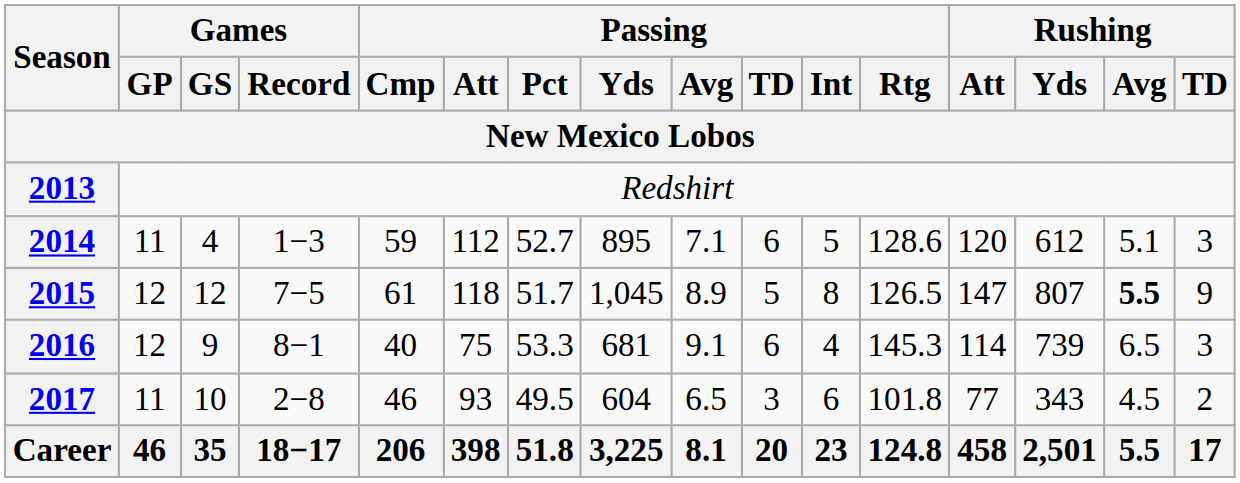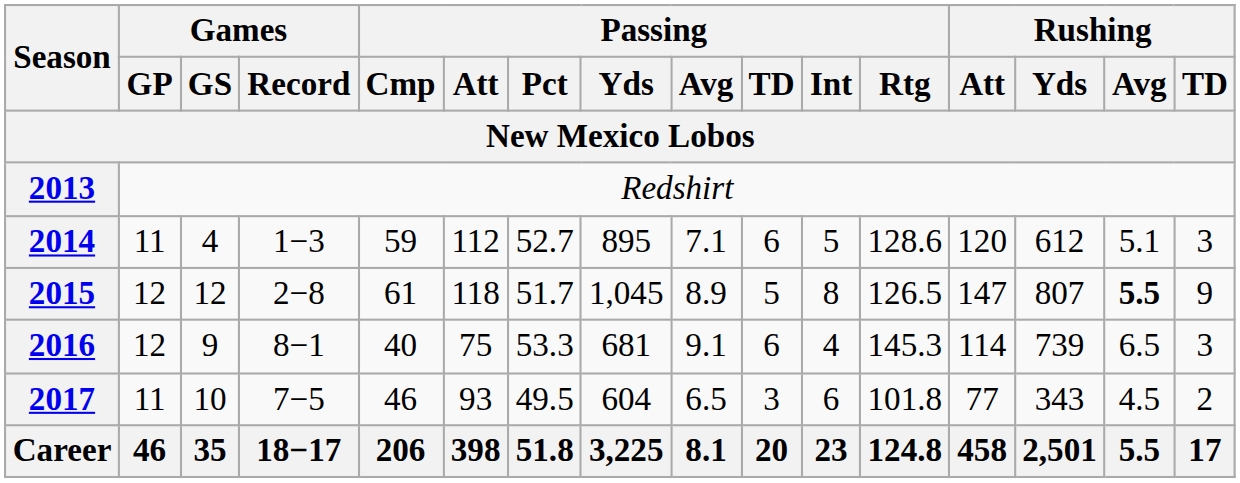 <table class="wikitable" style="text-align:center;">
 <tr>
 <th rowspan="2">Season</th>
 <th colspan="3">Games</th>
 <th colspan="8">Passing</th>
 <th colspan="5">Rushing</th>
 </tr>
 <tr>
 <th>GP</th>
 <th>GS</th>
 <th>Record</th>
 <th>Cmp</th>
 <th>Att</th>
 <th>Pct</th>
 <th>Yds</th>
 <th>Avg</th>
 <th>TD</th>
 <th>Int</th>
 <th>Rtg</th>
 <th>Att</th>
 <th>Yds</th>
 <th>Avg</th>
 <th>TD</th>
 </tr>
 <tr>
 <th colspan="16">New Mexico Lobos</th>
 </tr>
 <tr>
 <th><a href='#'>2013</a></th>
 <td colspan="16"><em>Redshirt </em></td>
 </tr>
 <tr>
 <th><a href='#'>2014</a></th>
 <td>11</td>
 <td>4</td>
 <td>1−3</td>
 <td>59</td>
 <td>112</td>
 <td>52.7</td>
 <td>895</td>
 <td>7.1</td>
 <td>6</td>
 <td>5</td>
 <td>128.6</td>
 <td>120</td>
 <td>612</td>
 <td>5.1</td>
 <td>3</td>
 </tr>
 <tr>
 <th><a href='#'>2015</a></th>
 <td>12</td>
 <td>12</td>
-<td>7−5</td>
+<td>2−8</td>
 <td>61</td>
 <td>118</td>
 <td>51.7</td>
 <td>1,045</td>
 <td>8.9</td>
 <td>5</td>
 <td>8</td>
 <td>126.5</td>
 <td>147</td>
 <td>807</td>
 <td><strong>5.5</strong></td>
 <td>9</td>
 </tr>
 <tr>
 <th><a href='#'>2016</a></th>
 <td>12</td>
 <td>9</td>
 <td>8−1</td>
 <td>40</td>
 <td>75</td>
 <td>53.3</td>
 <td>681</td>
 <td>9.1</td>
 <td>6</td>
 <td>4</td>
 <td>145.3</td>
 <td>114</td>
 <td>739</td>
 <td>6.5</td>
 <td>3</td>
 </tr>
 <tr>
 <th><a href='#'>2017</a></th>
 <td>11</td>
 <td>10</td>
-<td>2−8</td>
+<td>7−5</td>
 <td>46</td>
 <td>93</td>
 <td>49.5</td>
 <td>604</td>
 <td>6.5</td>
 <td>3</td>
 <td>6</td>
 <td>101.8</td>
 <td>77</td>
 <td>343</td>
 <td>4.5</td>
 <td>2</td>
 </tr>
 <tr>
 <th>Career</th>
 <th>46</th>
 <th>35</th>
 <th>18−17</th>
 <th>206</th>
 <th>398</th>
 <th>51.8</th>
 <th>3,225</th>
 <th>8.1</th>
 <th>20</th>
 <th>23</th>
 <th>124.8</th>
 <th>458</th>
 <th>2,501</th>
 <th>5.5</th>
 <th>17</th>
 </tr>
 </table>
